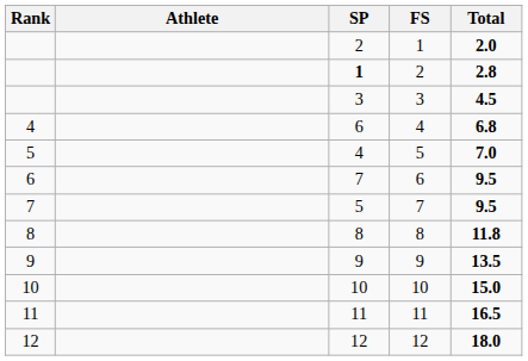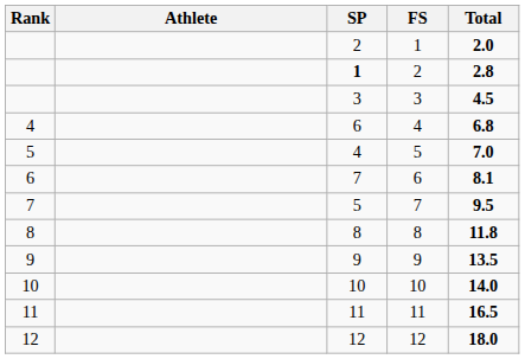 <table class=wikitable style="text-align:center">
 <tr>
 <th width=40>Rank</th>
 <th width=250>Athlete</th>
 <th width=50>SP</th>
 <th width=50>FS</th>
 <th width=60>Total</th>
 </tr>
 <tr>
 <td></td>
 <td align=left></td>
 <td>2</td>
 <td>1</td>
 <td><strong>2.0</strong></td>
 </tr>
 <tr>
 <td></td>
 <td align=left></td>
 <td><strong>1</strong></td>
 <td>2</td>
 <td><strong>2.8</strong></td>
 </tr>
 <tr>
 <td></td>
 <td align=left></td>
 <td>3</td>
 <td>3</td>
 <td><strong>4.5</strong></td>
 </tr>
 <tr>
 <td>4</td>
 <td align=left></td>
 <td>6</td>
 <td>4</td>
 <td><strong>6.8</strong></td>
 </tr>
 <tr>
 <td>5</td>
 <td align=left></td>
 <td>4</td>
 <td>5</td>
 <td><strong>7.0</strong></td>
 </tr>
 <tr>
 <td>6</td>
 <td align=left></td>
 <td>7</td>
 <td>6</td>
-<td><strong>9.5</strong></td>
+<td><strong>8.1</strong></td>
 </tr>
 <tr>
 <td>7</td>
 <td align=left></td>
 <td>5</td>
 <td>7</td>
 <td><strong>9.5</strong></td>
 </tr>
 <tr>
 <td>8</td>
 <td align=left></td>
 <td>8</td>
 <td>8</td>
 <td><strong>11.8</strong></td>
 </tr>
 <tr>
 <td>9</td>
 <td align=left></td>
 <td>9</td>
 <td>9</td>
 <td><strong>13.5</strong></td>
 </tr>
 <tr>
 <td>10</td>
 <td align=left></td>
 <td>10</td>
 <td>10</td>
-<td><strong>15.0</strong></td>
+<td><strong>14.0</strong></td>
 </tr>
 <tr>
 <td>11</td>
 <td align=left></td>
 <td>11</td>
 <td>11</td>
 <td><strong>16.5</strong></td>
 </tr>
 <tr>
 <td>12</td>
 <td align=left></td>
 <td>12</td>
 <td>12</td>
 <td><strong>18.0</strong></td>
 </tr>
 </table>
